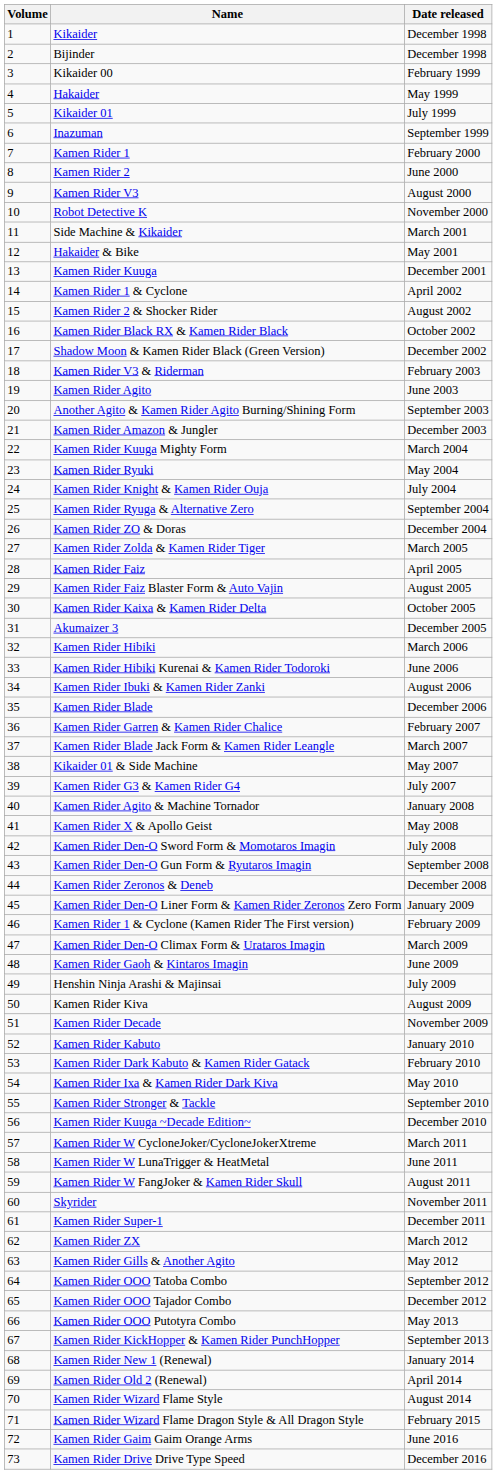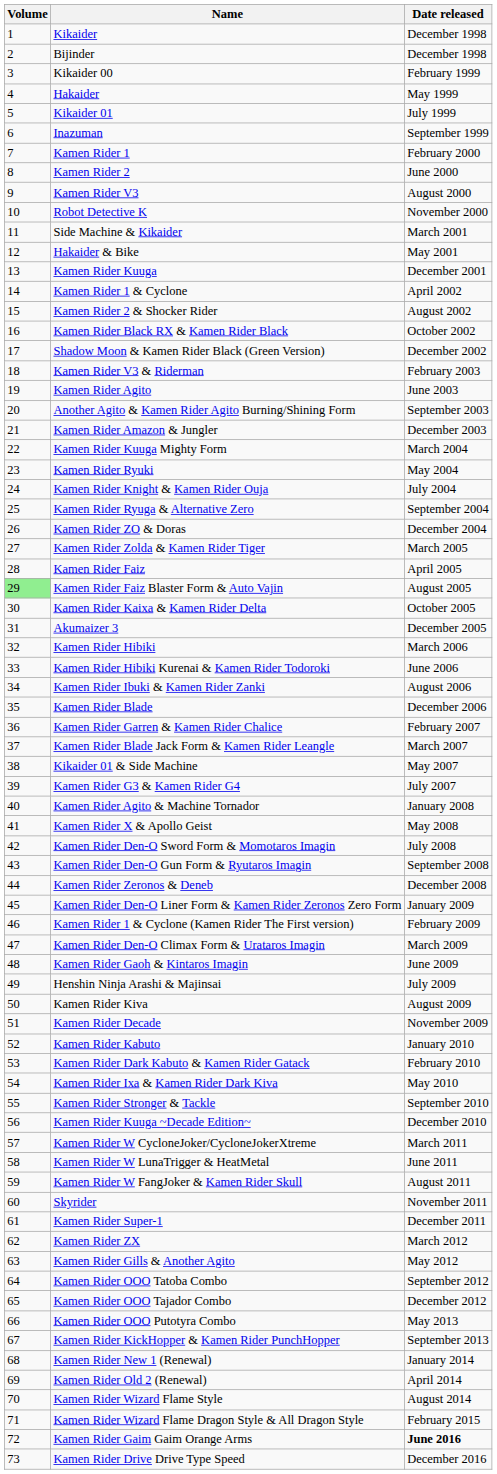 <table class="wikitable">
 <tr>
 <th>Volume</th>
 <th>Name</th>
 <th>Date released</th>
 </tr>
 <tr>
 <td>1</td>
 <td><a href='#'>Kikaider</a></td>
 <td>December 1998</td>
 </tr>
 <tr>
 <td>2</td>
 <td>Bijinder</td>
 <td>December 1998</td>
 </tr>
 <tr>
 <td>3</td>
 <td>Kikaider 00</td>
 <td>February 1999</td>
 </tr>
 <tr>
 <td>4</td>
 <td><a href='#'>Hakaider</a></td>
 <td>May 1999</td>
 </tr>
 <tr>
 <td>5</td>
 <td><a href='#'>Kikaider 01</a></td>
 <td>July 1999</td>
 </tr>
 <tr>
 <td>6</td>
 <td><a href='#'>Inazuman</a></td>
 <td>September 1999</td>
 </tr>
 <tr>
 <td>7</td>
 <td><a href='#'>Kamen Rider 1</a></td>
 <td>February 2000</td>
 </tr>
 <tr>
 <td>8</td>
 <td><a href='#'>Kamen Rider 2</a></td>
 <td>June 2000</td>
 </tr>
 <tr>
 <td>9</td>
 <td><a href='#'>Kamen Rider V3</a></td>
 <td>August 2000</td>
 </tr>
 <tr>
 <td>10</td>
 <td><a href='#'>Robot Detective K</a></td>
 <td>November 2000</td>
 </tr>
 <tr>
 <td>11</td>
 <td>Side Machine & <a href='#'>Kikaider</a></td>
 <td>March 2001</td>
 </tr>
 <tr>
 <td>12</td>
 <td><a href='#'>Hakaider</a> & Bike</td>
 <td>May 2001</td>
 </tr>
 <tr>
 <td>13</td>
 <td><a href='#'>Kamen Rider Kuuga</a></td>
 <td>December 2001</td>
 </tr>
 <tr>
 <td>14</td>
 <td><a href='#'>Kamen Rider 1</a> & Cyclone</td>
 <td>April 2002</td>
 </tr>
 <tr>
 <td>15</td>
 <td><a href='#'>Kamen Rider 2</a> & Shocker Rider</td>
 <td>August 2002</td>
 </tr>
 <tr>
 <td>16</td>
 <td><a href='#'>Kamen Rider Black RX</a> & <a href='#'>Kamen Rider Black</a></td>
 <td>October 2002</td>
 </tr>
 <tr>
 <td>17</td>
 <td><a href='#'>Shadow Moon</a> & Kamen Rider Black (Green Version)</td>
 <td>December 2002</td>
 </tr>
 <tr>
 <td>18</td>
 <td><a href='#'>Kamen Rider V3</a> & <a href='#'>Riderman</a></td>
 <td>February 2003</td>
 </tr>
 <tr>
 <td>19</td>
 <td><a href='#'>Kamen Rider Agito</a></td>
 <td>June 2003</td>
 </tr>
 <tr>
 <td>20</td>
 <td><a href='#'>Another Agito</a> & <a href='#'>Kamen Rider Agito</a> Burning/Shining Form</td>
 <td>September 2003</td>
 </tr>
 <tr>
 <td>21</td>
 <td><a href='#'>Kamen Rider Amazon</a> & Jungler</td>
 <td>December 2003</td>
 </tr>
 <tr>
 <td>22</td>
 <td><a href='#'>Kamen Rider Kuuga</a> Mighty Form</td>
 <td>March 2004</td>
 </tr>
 <tr>
 <td>23</td>
 <td><a href='#'>Kamen Rider Ryuki</a></td>
 <td>May 2004</td>
 </tr>
 <tr>
 <td>24</td>
 <td><a href='#'>Kamen Rider Knight</a> & <a href='#'>Kamen Rider Ouja</a></td>
 <td>July 2004</td>
 </tr>
 <tr>
 <td>25</td>
 <td><a href='#'>Kamen Rider Ryuga</a> & <a href='#'>Alternative Zero</a></td>
 <td>September 2004</td>
 </tr>
 <tr>
 <td>26</td>
 <td><a href='#'>Kamen Rider ZO</a> & Doras</td>
 <td>December 2004</td>
 </tr>
 <tr>
 <td>27</td>
 <td><a href='#'>Kamen Rider Zolda</a> & <a href='#'>Kamen Rider Tiger</a></td>
 <td>March 2005</td>
 </tr>
 <tr>
 <td>28</td>
 <td><a href='#'>Kamen Rider Faiz</a></td>
 <td>April 2005</td>
 </tr>
 <tr>
-<td>29</td>
+<td style="background: lightgreen;">29</td>
 <td><a href='#'>Kamen Rider Faiz</a> Blaster Form & <a href='#'>Auto Vajin</a></td>
 <td>August 2005</td>
 </tr>
 <tr>
 <td>30</td>
 <td><a href='#'>Kamen Rider Kaixa</a> & <a href='#'>Kamen Rider Delta</a></td>
 <td>October 2005</td>
 </tr>
 <tr>
 <td>31</td>
 <td><a href='#'>Akumaizer 3</a></td>
 <td>December 2005</td>
 </tr>
 <tr>
 <td>32</td>
 <td><a href='#'>Kamen Rider Hibiki</a></td>
 <td>March 2006</td>
 </tr>
 <tr>
 <td>33</td>
 <td><a href='#'>Kamen Rider Hibiki</a> Kurenai & <a href='#'>Kamen Rider Todoroki</a></td>
 <td>June 2006</td>
 </tr>
 <tr>
 <td>34</td>
 <td><a href='#'>Kamen Rider Ibuki</a> & <a href='#'>Kamen Rider Zanki</a></td>
 <td>August 2006</td>
 </tr>
 <tr>
 <td>35</td>
 <td><a href='#'>Kamen Rider Blade</a></td>
 <td>December 2006</td>
 </tr>
 <tr>
 <td>36</td>
 <td><a href='#'>Kamen Rider Garren</a> & <a href='#'>Kamen Rider Chalice</a></td>
 <td>February 2007</td>
 </tr>
 <tr>
 <td>37</td>
 <td><a href='#'>Kamen Rider Blade</a> Jack Form & <a href='#'>Kamen Rider Leangle</a></td>
 <td>March 2007</td>
 </tr>
 <tr>
 <td>38</td>
 <td><a href='#'>Kikaider 01</a> & Side Machine</td>
 <td>May 2007</td>
 </tr>
 <tr>
 <td>39</td>
 <td><a href='#'>Kamen Rider G3</a> & <a href='#'>Kamen Rider G4</a></td>
 <td>July 2007</td>
 </tr>
 <tr>
 <td>40</td>
 <td><a href='#'>Kamen Rider Agito</a> & Machine Tornador</td>
 <td>January 2008</td>
 </tr>
 <tr>
 <td>41</td>
 <td><a href='#'>Kamen Rider X</a> & Apollo Geist</td>
 <td>May 2008</td>
 </tr>
 <tr>
 <td>42</td>
 <td><a href='#'>Kamen Rider Den-O</a> Sword Form & <a href='#'>Momotaros Imagin</a></td>
 <td>July 2008</td>
 </tr>
 <tr>
 <td>43</td>
 <td><a href='#'>Kamen Rider Den-O</a> Gun Form & <a href='#'>Ryutaros Imagin</a></td>
 <td>September 2008</td>
 </tr>
 <tr>
 <td>44</td>
 <td><a href='#'>Kamen Rider Zeronos</a> & <a href='#'>Deneb</a></td>
 <td>December 2008</td>
 </tr>
 <tr>
 <td>45</td>
 <td><a href='#'>Kamen Rider Den-O</a> Liner Form & <a href='#'>Kamen Rider Zeronos</a> Zero Form</td>
 <td>January 2009</td>
 </tr>
 <tr>
 <td>46</td>
 <td><a href='#'>Kamen Rider 1</a> & Cyclone (Kamen Rider The First version)</td>
 <td>February 2009</td>
 </tr>
 <tr>
 <td>47</td>
 <td><a href='#'>Kamen Rider Den-O</a> Climax Form & <a href='#'>Urataros Imagin</a></td>
 <td>March 2009</td>
 </tr>
 <tr>
 <td>48</td>
 <td><a href='#'>Kamen Rider Gaoh</a> & <a href='#'>Kintaros Imagin</a></td>
 <td>June 2009</td>
 </tr>
 <tr>
 <td>49</td>
 <td>Henshin Ninja Arashi & Majinsai</td>
 <td>July 2009</td>
 </tr>
 <tr>
 <td>50</td>
 <td>Kamen Rider Kiva</td>
 <td>August 2009</td>
 </tr>
 <tr>
 <td>51</td>
 <td><a href='#'>Kamen Rider Decade</a></td>
 <td>November 2009</td>
 </tr>
 <tr>
 <td>52</td>
 <td><a href='#'>Kamen Rider Kabuto</a></td>
 <td>January 2010</td>
 </tr>
 <tr>
 <td>53</td>
 <td><a href='#'>Kamen Rider Dark Kabuto</a> & <a href='#'>Kamen Rider Gatack</a></td>
 <td>February 2010</td>
 </tr>
 <tr>
 <td>54</td>
 <td><a href='#'>Kamen Rider Ixa</a> & <a href='#'>Kamen Rider Dark Kiva</a></td>
 <td>May 2010</td>
 </tr>
 <tr>
 <td>55</td>
 <td><a href='#'>Kamen Rider Stronger</a> & <a href='#'>Tackle</a></td>
 <td>September 2010</td>
 </tr>
 <tr>
 <td>56</td>
 <td><a href='#'>Kamen Rider Kuuga ~Decade Edition~</a></td>
 <td>December 2010</td>
 </tr>
 <tr>
 <td>57</td>
 <td><a href='#'>Kamen Rider W</a> CycloneJoker/CycloneJokerXtreme</td>
 <td>March 2011</td>
 </tr>
 <tr>
 <td>58</td>
 <td><a href='#'>Kamen Rider W</a> LunaTrigger & HeatMetal</td>
 <td>June 2011</td>
 </tr>
 <tr>
 <td>59</td>
 <td><a href='#'>Kamen Rider W</a> FangJoker & <a href='#'>Kamen Rider Skull</a></td>
 <td>August 2011</td>
 </tr>
 <tr>
 <td>60</td>
 <td><a href='#'>Skyrider</a></td>
 <td>November 2011</td>
 </tr>
 <tr>
 <td>61</td>
 <td><a href='#'>Kamen Rider Super-1</a></td>
 <td>December 2011</td>
 </tr>
 <tr>
 <td>62</td>
 <td><a href='#'>Kamen Rider ZX</a></td>
 <td>March 2012</td>
 </tr>
 <tr>
 <td>63</td>
 <td><a href='#'>Kamen Rider Gills</a> & <a href='#'>Another Agito</a></td>
 <td>May 2012</td>
 </tr>
 <tr>
 <td>64</td>
 <td><a href='#'>Kamen Rider OOO</a> Tatoba Combo</td>
 <td>September 2012</td>
 </tr>
 <tr>
 <td>65</td>
 <td><a href='#'>Kamen Rider OOO</a> Tajador Combo</td>
 <td>December 2012</td>
 </tr>
 <tr>
 <td>66</td>
 <td><a href='#'>Kamen Rider OOO</a> Putotyra Combo</td>
 <td>May 2013</td>
 </tr>
 <tr>
 <td>67</td>
 <td><a href='#'>Kamen Rider KickHopper</a> & <a href='#'>Kamen Rider PunchHopper</a></td>
 <td>September 2013</td>
 </tr>
 <tr>
 <td>68</td>
 <td><a href='#'>Kamen Rider New 1</a> (Renewal)</td>
 <td>January 2014</td>
 </tr>
 <tr>
 <td>69</td>
 <td><a href='#'>Kamen Rider Old 2</a> (Renewal)</td>
 <td>April 2014</td>
 </tr>
 <tr>
 <td>70</td>
 <td><a href='#'>Kamen Rider Wizard</a> Flame Style</td>
 <td>August 2014</td>
 </tr>
 <tr>
 <td>71</td>
 <td><a href='#'>Kamen Rider Wizard</a> Flame Dragon Style & All Dragon Style</td>
 <td>February 2015</td>
 </tr>
 <tr>
 <td>72</td>
 <td><a href='#'>Kamen Rider Gaim</a> Gaim Orange Arms</td>
-<td>June 2016</td>
+<td><strong>June 2016</strong></td>
 </tr>
 <tr>
 <td>73</td>
 <td><a href='#'>Kamen Rider Drive</a> Drive Type Speed</td>
 <td>December 2016</td>
 </tr>
 </table>
